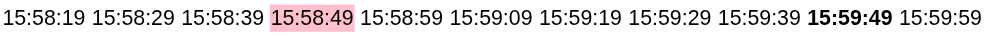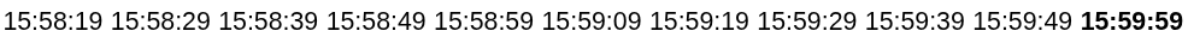 <table align="center">
 <tr>
 <td></td>
 <td></td>
 <td></td>
 <td></td>
 <td></td>
 <td></td>
 <td></td>
 <td></td>
 <td></td>
 <td></td>
 <td></td>
 </tr>
 <tr align="center" style="font-size:smaller;">
 <td>15:58:19</td>
 <td>15:58:29</td>
 <td>15:58:39</td>
-<td style="background: pink;">15:58:49</td>
+<td>15:58:49</td>
 <td>15:58:59</td>
 <td>15:59:09</td>
 <td>15:59:19</td>
 <td>15:59:29</td>
 <td>15:59:39</td>
-<td><strong>15:59:49</strong></td>
-<td>15:59:59</td>
+<td>15:59:49</td>
+<td><strong>15:59:59</strong></td>
 </tr>
 </table>
